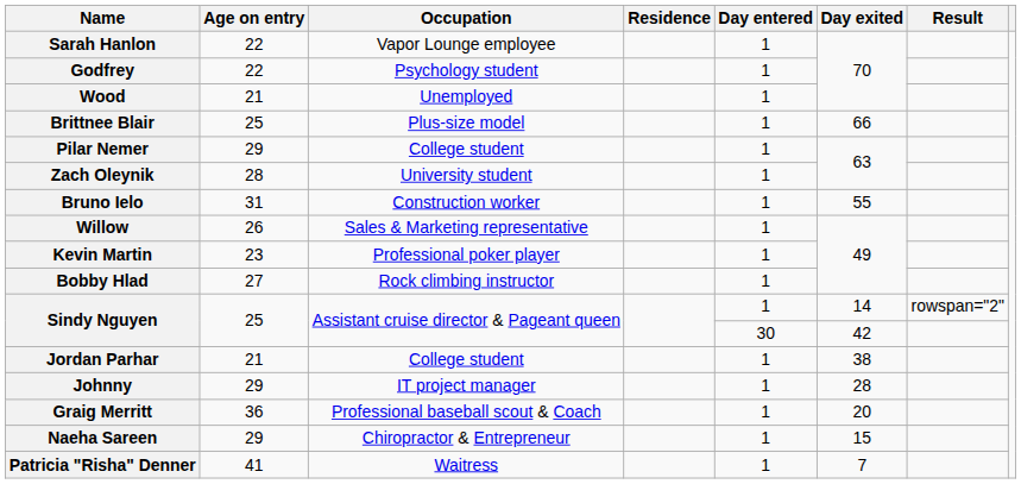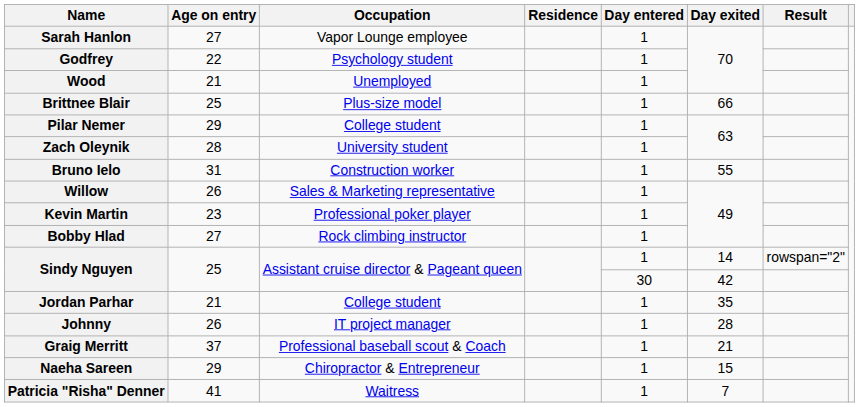 <table class="wikitable sortable" style="text-align:center; width:auto;">
 <tr>
 <th>Name</th>
 <th>Age on entry</th>
 <th class="unsortable">Occupation</th>
 <th class="unsortable">Residence</th>
 <th>Day entered</th>
 <th>Day exited</th>
 <th class="unsortable">Result</th>
 <th class="unsortable"></th>
 </tr>
 <tr>
 <th>Sarah Hanlon</th>
-<td>22</td>
+<td>27</td>
 <td>Vapor Lounge employee</td>
 <td></td>
 <td>1</td>
 <td rowspan="3">70</td>
 <td></td>
 <td rowspan=17></td>
 </tr>
 <tr>
 <th>Godfrey </th>
 <td>22</td>
 <td><a href='#'>Psychology student</a></td>
 <td></td>
 <td>1</td>
 <td></td>
 </tr>
 <tr>
 <th> Wood</th>
 <td>21</td>
 <td><a href='#'>Unemployed</a></td>
 <td></td>
 <td>1</td>
 <td></td>
 </tr>
 <tr>
 <th>Brittnee Blair</th>
 <td>25</td>
 <td><a href='#'>Plus-size model</a></td>
 <td></td>
 <td>1</td>
 <td>66</td>
 <td></td>
 </tr>
 <tr>
 <th>Pilar Nemer</th>
 <td>29</td>
 <td><a href='#'>College student</a></td>
 <td></td>
 <td>1</td>
 <td rowspan="2">63</td>
 <td></td>
 </tr>
 <tr>
 <th>Zach Oleynik</th>
 <td>28</td>
 <td><a href='#'>University student</a></td>
 <td></td>
 <td>1</td>
 <td></td>
 </tr>
 <tr>
 <th>Bruno Ielo</th>
 <td>31</td>
 <td><a href='#'>Construction worker</a></td>
 <td></td>
 <td>1</td>
 <td>55</td>
 <td></td>
 </tr>
 <tr>
 <th>Willow </th>
 <td>26</td>
 <td><a href='#'>Sales & Marketing representative</a></td>
 <td></td>
 <td>1</td>
 <td rowspan="3">49</td>
 <td></td>
 </tr>
 <tr>
 <th>Kevin Martin</th>
 <td>23</td>
 <td><a href='#'>Professional poker player</a></td>
 <td></td>
 <td>1</td>
 <td></td>
 </tr>
 <tr>
 <th>Bobby Hlad</th>
 <td>27</td>
 <td><a href='#'>Rock climbing instructor</a></td>
 <td></td>
 <td>1</td>
 <td></td>
 </tr>
 <tr>
 <th rowspan="2">Sindy Nguyen</th>
 <td rowspan="2">25</td>
 <td rowspan="2"><a href='#'>Assistant cruise director</a> & <a href='#'>Pageant queen</a></td>
 <td rowspan="2"></td>
 <td>1</td>
 <td>14</td>
 <td>rowspan="2" </td>
 </tr>
 <tr>
 <td>30</td>
 <td>42</td>
 </tr>
 <tr>
 <th>Jordan Parhar</th>
 <td>21</td>
 <td><a href='#'>College student</a></td>
 <td></td>
 <td>1</td>
-<td>38</td>
+<td>35</td>
 <td></td>
 </tr>
 <tr>
 <th>Johnny </th>
-<td>29</td>
+<td>26</td>
 <td><a href='#'>IT project manager</a></td>
 <td></td>
 <td>1</td>
 <td>28</td>
 <td></td>
 </tr>
 <tr>
 <th>Graig Merritt</th>
-<td>36</td>
+<td>37</td>
 <td><a href='#'>Professional baseball scout</a> & <a href='#'>Coach</a></td>
 <td></td>
 <td>1</td>
-<td>20</td>
+<td>21</td>
 <td></td>
 </tr>
 <tr>
 <th>Naeha Sareen</th>
 <td>29</td>
 <td><a href='#'>Chiropractor</a> & <a href='#'>Entrepreneur</a></td>
 <td></td>
 <td>1</td>
 <td>15</td>
 <td></td>
 </tr>
 <tr>
 <th>Patricia "Risha" Denner</th>
 <td>41</td>
 <td><a href='#'>Waitress</a></td>
 <td></td>
 <td>1</td>
 <td>7</td>
 <td></td>
 </tr>
 </table>
